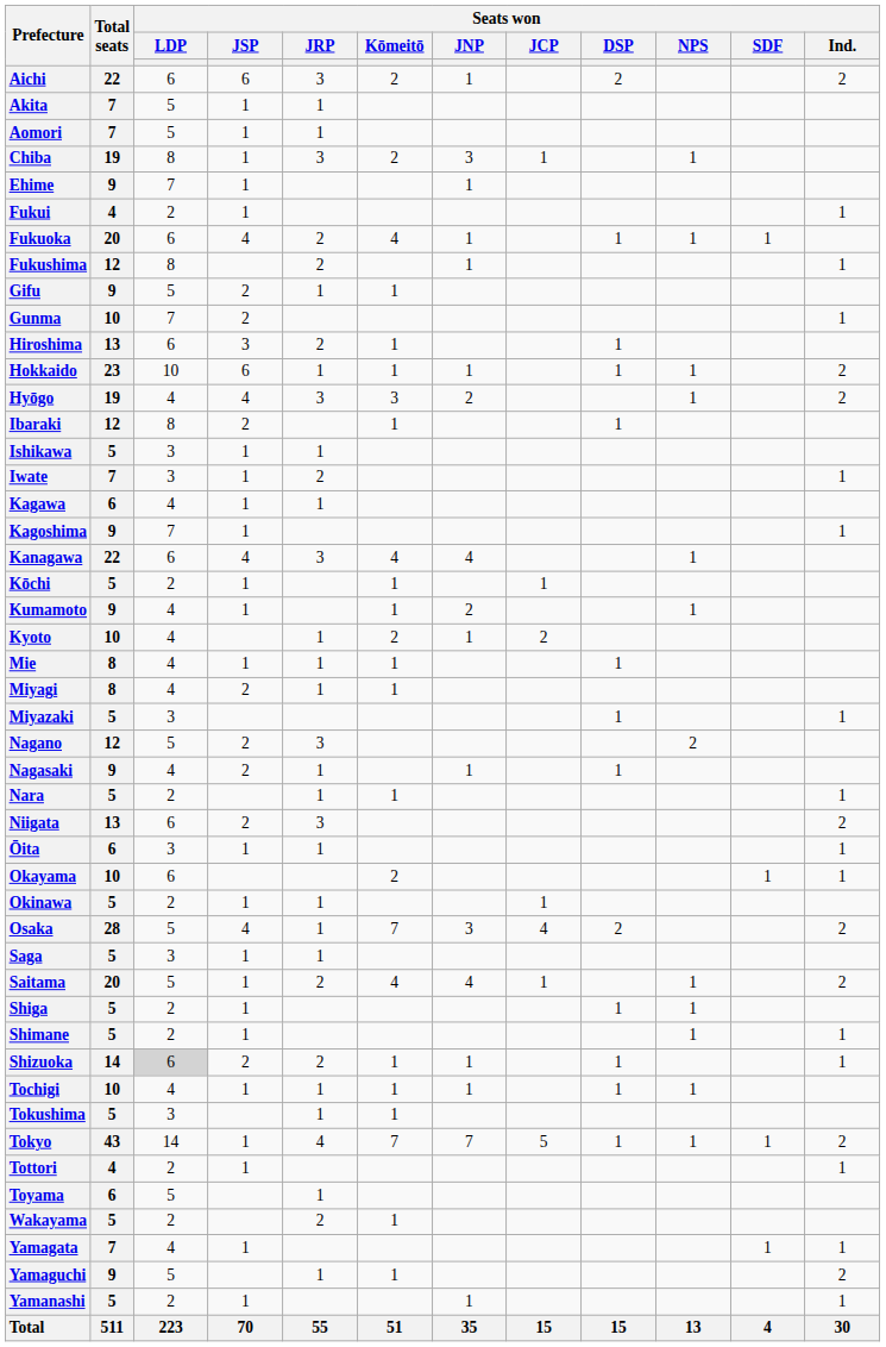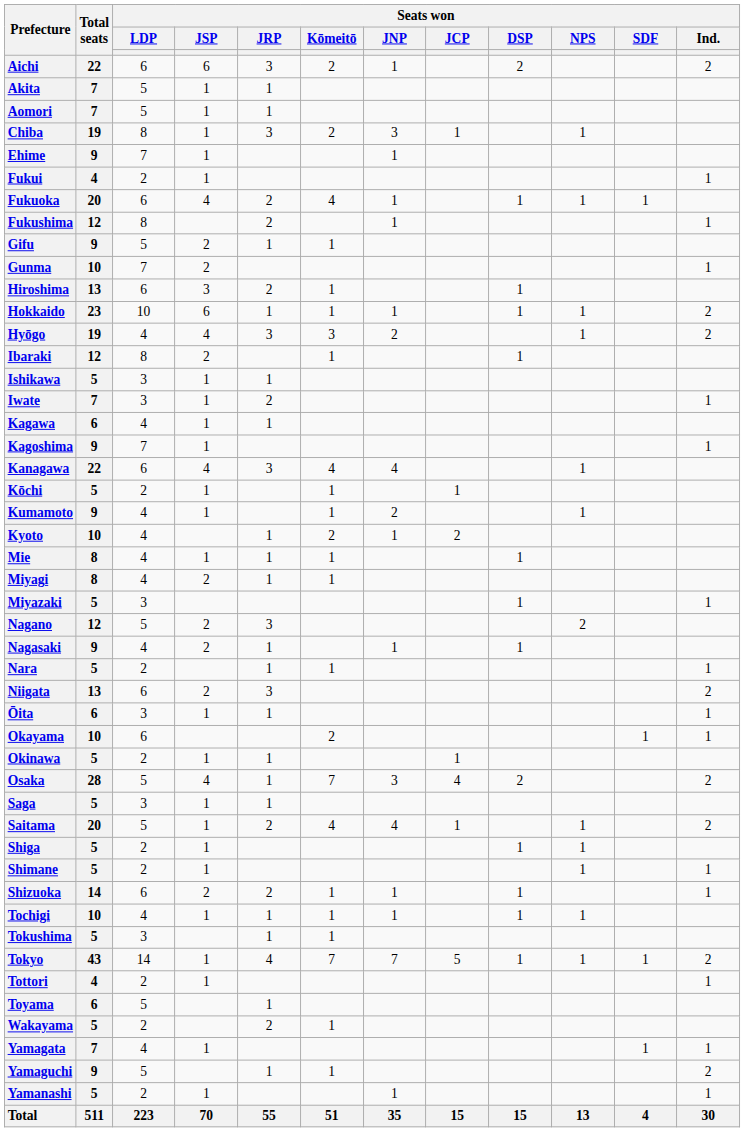 <table class="wikitable" style="text-align:center; font-size: 0.9em;">
 <tr>
 <th rowspan="3">Prefecture</th>
 <th rowspan="3">Total<br>seats</th>
 <th colspan="10">Seats won</th>
 </tr>
 <tr>
 <th class="unsortable" style="width:60px;"><a href='#'>LDP</a></th>
 <th class="unsortable" style="width:60px;"><a href='#'>JSP</a></th>
 <th class="unsortable" style="width:60px;"><a href='#'>JRP</a></th>
 <th class="unsortable" style="width:60px;"><a href='#'>Kōmeitō</a></th>
 <th class="unsortable" style="width:60px;"><a href='#'>JNP</a></th>
 <th class="unsortable" style="width:60px;"><a href='#'>JCP</a></th>
 <th class="unsortable" style="width:60px;"><a href='#'>DSP</a></th>
 <th class="unsortable" style="width:60px;"><a href='#'>NPS</a></th>
 <th class="unsortable" style="width:60px;"><a href='#'>SDF</a></th>
 <th class="unsortable" style="width:60px;">Ind.</th>
 </tr>
 <tr>
 <th style="background:"></th>
 <th style="background:"></th>
 <th style="background:"></th>
 <th style="background:"></th>
 <th style="background:"></th>
 <th style="background:"></th>
 <th style="background:"></th>
 <th style="background:"></th>
 <th style="background:"></th>
 <th style="background:"></th>
 </tr>
 <tr>
 <th style="text-align: left;"><a href='#'>Aichi</a></th>
 <th>22</th>
 <td>6</td>
 <td>6</td>
 <td>3</td>
 <td>2</td>
 <td>1</td>
 <td></td>
 <td>2</td>
 <td></td>
 <td></td>
 <td>2</td>
 </tr>
 <tr>
 <th style="text-align: left;"><a href='#'>Akita</a></th>
 <th>7</th>
 <td>5</td>
 <td>1</td>
 <td>1</td>
 <td></td>
 <td></td>
 <td></td>
 <td></td>
 <td></td>
 <td></td>
 <td></td>
 </tr>
 <tr>
 <th style="text-align: left;"><a href='#'>Aomori</a></th>
 <th>7</th>
 <td>5</td>
 <td>1</td>
 <td>1</td>
 <td></td>
 <td></td>
 <td></td>
 <td></td>
 <td></td>
 <td></td>
 <td></td>
 </tr>
 <tr>
 <th style="text-align: left;"><a href='#'>Chiba</a></th>
 <th>19</th>
 <td>8</td>
 <td>1</td>
 <td>3</td>
 <td>2</td>
 <td>3</td>
 <td>1</td>
 <td></td>
 <td>1</td>
 <td></td>
 <td></td>
 </tr>
 <tr>
 <th style="text-align: left;"><a href='#'>Ehime</a></th>
 <th>9</th>
 <td>7</td>
 <td>1</td>
 <td></td>
 <td></td>
 <td>1</td>
 <td></td>
 <td></td>
 <td></td>
 <td></td>
 <td></td>
 </tr>
 <tr>
 <th style="text-align: left;"><a href='#'>Fukui</a></th>
 <th>4</th>
 <td>2</td>
 <td>1</td>
 <td></td>
 <td></td>
 <td></td>
 <td></td>
 <td></td>
 <td></td>
 <td></td>
 <td>1</td>
 </tr>
 <tr>
 <th style="text-align: left;"><a href='#'>Fukuoka</a></th>
 <th>20</th>
 <td>6</td>
 <td>4</td>
 <td>2</td>
 <td>4</td>
 <td>1</td>
 <td></td>
 <td>1</td>
 <td>1</td>
 <td>1</td>
 <td></td>
 </tr>
 <tr>
 <th style="text-align: left;"><a href='#'>Fukushima</a></th>
 <th>12</th>
 <td>8</td>
 <td></td>
 <td>2</td>
 <td></td>
 <td>1</td>
 <td></td>
 <td></td>
 <td></td>
 <td></td>
 <td>1</td>
 </tr>
 <tr>
 <th style="text-align: left;"><a href='#'>Gifu</a></th>
 <th>9</th>
 <td>5</td>
 <td>2</td>
 <td>1</td>
 <td>1</td>
 <td></td>
 <td></td>
 <td></td>
 <td></td>
 <td></td>
 <td></td>
 </tr>
 <tr>
 <th style="text-align: left;"><a href='#'>Gunma</a></th>
 <th>10</th>
 <td>7</td>
 <td>2</td>
 <td></td>
 <td></td>
 <td></td>
 <td></td>
 <td></td>
 <td></td>
 <td></td>
 <td>1</td>
 </tr>
 <tr>
 <th style="text-align: left;"><a href='#'>Hiroshima</a></th>
 <th>13</th>
 <td>6</td>
 <td>3</td>
 <td>2</td>
 <td>1</td>
 <td></td>
 <td></td>
 <td>1</td>
 <td></td>
 <td></td>
 <td></td>
 </tr>
 <tr>
 <th style="text-align: left;"><a href='#'>Hokkaido</a></th>
 <th>23</th>
 <td>10</td>
 <td>6</td>
 <td>1</td>
 <td>1</td>
 <td>1</td>
 <td></td>
 <td>1</td>
 <td>1</td>
 <td></td>
 <td>2</td>
 </tr>
 <tr>
 <th style="text-align: left;"><a href='#'>Hyōgo</a></th>
 <th>19</th>
 <td>4</td>
 <td>4</td>
 <td>3</td>
 <td>3</td>
 <td>2</td>
 <td></td>
 <td></td>
 <td>1</td>
 <td></td>
 <td>2</td>
 </tr>
 <tr>
 <th style="text-align: left;"><a href='#'>Ibaraki</a></th>
 <th>12</th>
 <td>8</td>
 <td>2</td>
 <td></td>
 <td>1</td>
 <td></td>
 <td></td>
 <td>1</td>
 <td></td>
 <td></td>
 <td></td>
 </tr>
 <tr>
 <th style="text-align: left;"><a href='#'>Ishikawa</a></th>
 <th>5</th>
 <td>3</td>
 <td>1</td>
 <td>1</td>
 <td></td>
 <td></td>
 <td></td>
 <td></td>
 <td></td>
 <td></td>
 <td></td>
 </tr>
 <tr>
 <th style="text-align: left;"><a href='#'>Iwate</a></th>
 <th>7</th>
 <td>3</td>
 <td>1</td>
 <td>2</td>
 <td></td>
 <td></td>
 <td></td>
 <td></td>
 <td></td>
 <td></td>
 <td>1</td>
 </tr>
 <tr>
 <th style="text-align: left;"><a href='#'>Kagawa</a></th>
 <th>6</th>
 <td>4</td>
 <td>1</td>
 <td>1</td>
 <td></td>
 <td></td>
 <td></td>
 <td></td>
 <td></td>
 <td></td>
 <td></td>
 </tr>
 <tr>
 <th style="text-align: left;"><a href='#'>Kagoshima</a></th>
 <th>9</th>
 <td>7</td>
 <td>1</td>
 <td></td>
 <td></td>
 <td></td>
 <td></td>
 <td></td>
 <td></td>
 <td></td>
 <td>1</td>
 </tr>
 <tr>
 <th style="text-align: left;"><a href='#'>Kanagawa</a></th>
 <th>22</th>
 <td>6</td>
 <td>4</td>
 <td>3</td>
 <td>4</td>
 <td>4</td>
 <td></td>
 <td></td>
 <td>1</td>
 <td></td>
 <td></td>
 </tr>
 <tr>
 <th style="text-align: left;"><a href='#'>Kōchi</a></th>
 <th>5</th>
 <td>2</td>
 <td>1</td>
 <td></td>
 <td>1</td>
 <td></td>
 <td>1</td>
 <td></td>
 <td></td>
 <td></td>
 <td></td>
 </tr>
 <tr>
 <th style="text-align: left;"><a href='#'>Kumamoto</a></th>
 <th>9</th>
 <td>4</td>
 <td>1</td>
 <td></td>
 <td>1</td>
 <td>2</td>
 <td></td>
 <td></td>
 <td>1</td>
 <td></td>
 <td></td>
 </tr>
 <tr>
 <th style="text-align: left;"><a href='#'>Kyoto</a></th>
 <th>10</th>
 <td>4</td>
 <td></td>
 <td>1</td>
 <td>2</td>
 <td>1</td>
 <td>2</td>
 <td></td>
 <td></td>
 <td></td>
 <td></td>
 </tr>
 <tr>
 <th style="text-align: left;"><a href='#'>Mie</a></th>
 <th>8</th>
 <td>4</td>
 <td>1</td>
 <td>1</td>
 <td>1</td>
 <td></td>
 <td></td>
 <td>1</td>
 <td></td>
 <td></td>
 <td></td>
 </tr>
 <tr>
 <th style="text-align: left;"><a href='#'>Miyagi</a></th>
 <th>8</th>
 <td>4</td>
 <td>2</td>
 <td>1</td>
 <td>1</td>
 <td></td>
 <td></td>
 <td></td>
 <td></td>
 <td></td>
 <td></td>
 </tr>
 <tr>
 <th style="text-align: left;"><a href='#'>Miyazaki</a></th>
 <th>5</th>
 <td>3</td>
 <td></td>
 <td></td>
 <td></td>
 <td></td>
 <td></td>
 <td>1</td>
 <td></td>
 <td></td>
 <td>1</td>
 </tr>
 <tr>
 <th style="text-align: left;"><a href='#'>Nagano</a></th>
 <th>12</th>
 <td>5</td>
 <td>2</td>
 <td>3</td>
 <td></td>
 <td></td>
 <td></td>
 <td></td>
 <td>2</td>
 <td></td>
 <td></td>
 </tr>
 <tr>
 <th style="text-align: left;"><a href='#'>Nagasaki</a></th>
 <th>9</th>
 <td>4</td>
 <td>2</td>
 <td>1</td>
 <td></td>
 <td>1</td>
 <td></td>
 <td>1</td>
 <td></td>
 <td></td>
 <td></td>
 </tr>
 <tr>
 <th style="text-align: left;"><a href='#'>Nara</a></th>
 <th>5</th>
 <td>2</td>
 <td></td>
 <td>1</td>
 <td>1</td>
 <td></td>
 <td></td>
 <td></td>
 <td></td>
 <td></td>
 <td>1</td>
 </tr>
 <tr>
 <th style="text-align: left;"><a href='#'>Niigata</a></th>
 <th>13</th>
 <td>6</td>
 <td>2</td>
 <td>3</td>
 <td></td>
 <td></td>
 <td></td>
 <td></td>
 <td></td>
 <td></td>
 <td>2</td>
 </tr>
 <tr>
 <th style="text-align: left;"><a href='#'>Ōita</a></th>
 <th>6</th>
 <td>3</td>
 <td>1</td>
 <td>1</td>
 <td></td>
 <td></td>
 <td></td>
 <td></td>
 <td></td>
 <td></td>
 <td>1</td>
 </tr>
 <tr>
 <th style="text-align: left;"><a href='#'>Okayama</a></th>
 <th>10</th>
 <td>6</td>
 <td></td>
 <td></td>
 <td>2</td>
 <td></td>
 <td></td>
 <td></td>
 <td></td>
 <td>1</td>
 <td>1</td>
 </tr>
 <tr>
 <th style="text-align: left;"><a href='#'>Okinawa</a></th>
 <th>5</th>
 <td>2</td>
 <td>1</td>
 <td>1</td>
 <td></td>
 <td></td>
 <td>1</td>
 <td></td>
 <td></td>
 <td></td>
 <td></td>
 </tr>
 <tr>
 <th style="text-align: left;"><a href='#'>Osaka</a></th>
 <th>28</th>
 <td>5</td>
 <td>4</td>
 <td>1</td>
 <td>7</td>
 <td>3</td>
 <td>4</td>
 <td>2</td>
 <td></td>
 <td></td>
 <td>2</td>
 </tr>
 <tr>
 <th style="text-align: left;"><a href='#'>Saga</a></th>
 <th>5</th>
 <td>3</td>
 <td>1</td>
 <td>1</td>
 <td></td>
 <td></td>
 <td></td>
 <td></td>
 <td></td>
 <td></td>
 <td></td>
 </tr>
 <tr>
 <th style="text-align: left;"><a href='#'>Saitama</a></th>
 <th>20</th>
 <td>5</td>
 <td>1</td>
 <td>2</td>
 <td>4</td>
 <td>4</td>
 <td>1</td>
 <td></td>
 <td>1</td>
 <td></td>
 <td>2</td>
 </tr>
 <tr>
 <th style="text-align: left;"><a href='#'>Shiga</a></th>
 <th>5</th>
 <td>2</td>
 <td>1</td>
 <td></td>
 <td></td>
 <td></td>
 <td></td>
 <td>1</td>
 <td>1</td>
 <td></td>
 <td></td>
 </tr>
 <tr>
 <th style="text-align: left;"><a href='#'>Shimane</a></th>
 <th>5</th>
 <td>2</td>
 <td>1</td>
 <td></td>
 <td></td>
 <td></td>
 <td></td>
 <td></td>
 <td>1</td>
 <td></td>
 <td>1</td>
 </tr>
 <tr>
 <th style="text-align: left;"><a href='#'>Shizuoka</a></th>
 <th>14</th>
-<td style="background: lightgrey;">6</td>
+<td>6</td>
 <td>2</td>
 <td>2</td>
 <td>1</td>
 <td>1</td>
 <td></td>
 <td>1</td>
 <td></td>
 <td></td>
 <td>1</td>
 </tr>
 <tr>
 <th style="text-align: left;"><a href='#'>Tochigi</a></th>
 <th>10</th>
 <td>4</td>
 <td>1</td>
 <td>1</td>
 <td>1</td>
 <td>1</td>
 <td></td>
 <td>1</td>
 <td>1</td>
 <td></td>
 <td></td>
 </tr>
 <tr>
 <th style="text-align: left;"><a href='#'>Tokushima</a></th>
 <th>5</th>
 <td>3</td>
 <td></td>
 <td>1</td>
 <td>1</td>
 <td></td>
 <td></td>
 <td></td>
 <td></td>
 <td></td>
 <td></td>
 </tr>
 <tr>
 <th style="text-align: left;"><a href='#'>Tokyo</a></th>
 <th>43</th>
 <td>14</td>
 <td>1</td>
 <td>4</td>
 <td>7</td>
 <td>7</td>
 <td>5</td>
 <td>1</td>
 <td>1</td>
 <td>1</td>
 <td>2</td>
 </tr>
 <tr>
 <th style="text-align: left;"><a href='#'>Tottori</a></th>
 <th>4</th>
 <td>2</td>
 <td>1</td>
 <td></td>
 <td></td>
 <td></td>
 <td></td>
 <td></td>
 <td></td>
 <td></td>
 <td>1</td>
 </tr>
 <tr>
 <th style="text-align: left;"><a href='#'>Toyama</a></th>
 <th>6</th>
 <td>5</td>
 <td></td>
 <td>1</td>
 <td></td>
 <td></td>
 <td></td>
 <td></td>
 <td></td>
 <td></td>
 <td></td>
 </tr>
 <tr>
 <th style="text-align: left;"><a href='#'>Wakayama</a></th>
 <th>5</th>
 <td>2</td>
 <td></td>
 <td>2</td>
 <td>1</td>
 <td></td>
 <td></td>
 <td></td>
 <td></td>
 <td></td>
 <td></td>
 </tr>
 <tr>
 <th style="text-align: left;"><a href='#'>Yamagata</a></th>
 <th>7</th>
 <td>4</td>
 <td>1</td>
 <td></td>
 <td></td>
 <td></td>
 <td></td>
 <td></td>
 <td></td>
 <td>1</td>
 <td>1</td>
 </tr>
 <tr>
 <th style="text-align: left;"><a href='#'>Yamaguchi</a></th>
 <th>9</th>
 <td>5</td>
 <td></td>
 <td>1</td>
 <td>1</td>
 <td></td>
 <td></td>
 <td></td>
 <td></td>
 <td></td>
 <td>2</td>
 </tr>
 <tr>
 <th style="text-align: left;"><a href='#'>Yamanashi</a></th>
 <th>5</th>
 <td>2</td>
 <td>1</td>
 <td></td>
 <td></td>
 <td>1</td>
 <td></td>
 <td></td>
 <td></td>
 <td></td>
 <td>1</td>
 </tr>
 <tr class="sortbottom">
 <th style="text-align: left;">Total</th>
 <th>511</th>
 <th>223</th>
 <th>70</th>
 <th>55</th>
 <th>51</th>
 <th>35</th>
 <th>15</th>
 <th>15</th>
 <th>13</th>
 <th>4</th>
 <th>30</th>
 </tr>
 </table>
